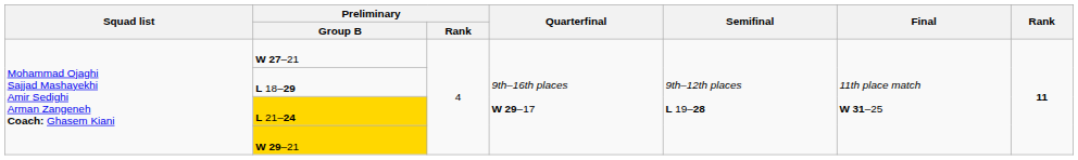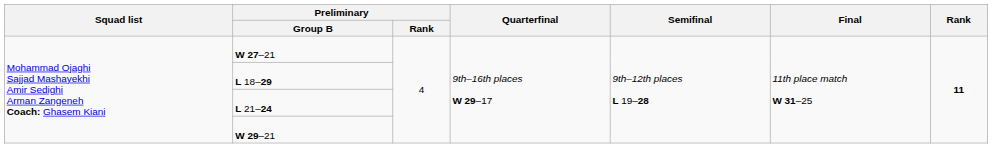 <table class="wikitable" width="90%" style="text-align:left; font-size:90%">
 <tr>
 <th rowspan="2" width="20%">Squad list</th>
 <th colspan="2">Preliminary</th>
 <th rowspan="2" width="14%">Quarterfinal</th>
 <th rowspan="2" width="14%">Semifinal</th>
 <th rowspan="2" width="14%">Final</th>
 <th rowspan="2" width="5%">Rank</th>
 </tr>
 <tr>
 <th width="14%">Group B</th>
 <th width="5%">Rank</th>
 </tr>
 <tr>
 <td rowspan="4"><a href='#'>Mohammad Ojaghi</a><br><a href='#'>Sajjad Mashayekhi</a><br><a href='#'>Amir Sedighi</a><br><a href='#'>Arman Zangeneh</a><br><strong>Coach:</strong> <a href='#'>Ghasem Kiani</a></td>
 <td><br><strong>W</strong> <strong>27</strong>–21</td>
 <td rowspan="4" align=center>4</td>
 <td rowspan="4"><em>9th–16th places</em><br><br><strong>W</strong> <strong>29</strong>–17</td>
 <td rowspan="4"><em>9th–12th places</em><br><br><strong>L</strong> 19–<strong>28</strong></td>
 <td rowspan="4"><em>11th place match</em><br><br><strong>W</strong> <strong>31</strong>–25</td>
 <td rowspan="4" align="center"><strong>11</strong></td>
 </tr>
 <tr>
 <td><br><strong>L</strong> 18–<strong>29</strong></td>
 </tr>
 <tr>
-<td style="background: gold;"><br><strong>L</strong> 21–<strong>24</strong></td>
+<td><br><strong>L</strong> 21–<strong>24</strong></td>
 </tr>
 <tr>
-<td style="background: gold;"><br><strong>W</strong> <strong>29</strong>–21</td>
+<td><br><strong>W</strong> <strong>29</strong>–21</td>
 </tr>
 </table>
